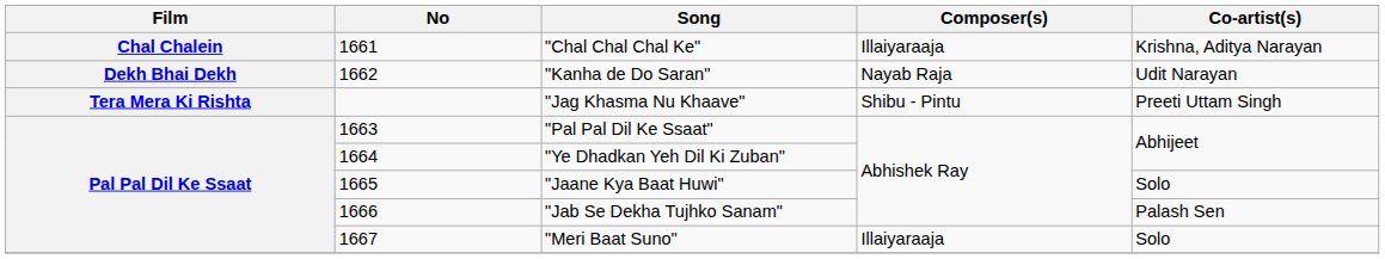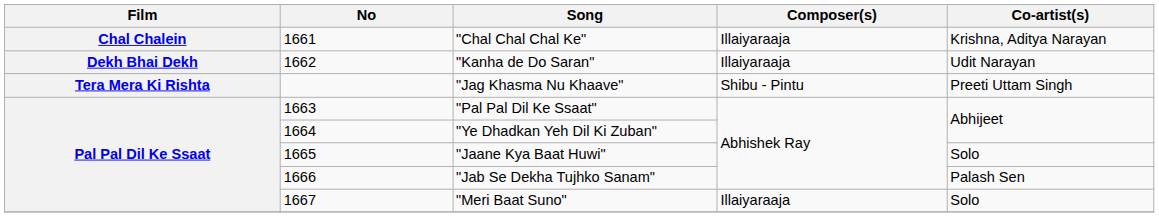 <table class="wikitable plainrowheaders" style="width:100%; textcolor:#000">
 <tr>
 <th scope="col" style="width:24%;">Film</th>
 <th>No</th>
 <th scope="col" style="width:23%;">Song</th>
 <th scope="col" style="width:20%;">Composer(s)</th>
 <th scope="col" style="width:18%;">Co-artist(s)</th>
 </tr>
 <tr>
 <th><a href='#'>Chal Chalein</a></th>
 <td>1661</td>
 <td>"Chal Chal Chal Ke"</td>
 <td>Illaiyaraaja</td>
 <td>Krishna, Aditya Narayan</td>
 </tr>
 <tr>
 <th><a href='#'>Dekh Bhai Dekh</a></th>
 <td>1662</td>
 <td>"Kanha de Do Saran"</td>
-<td>Nayab Raja</td>
+<td>Illaiyaraaja</td>
 <td>Udit Narayan</td>
 </tr>
 <tr>
 <th><a href='#'>Tera Mera Ki Rishta</a></th>
 <td></td>
 <td>"Jag Khasma Nu Khaave"</td>
 <td>Shibu - Pintu</td>
 <td>Preeti Uttam Singh</td>
 </tr>
 <tr>
 <th rowspan=5><a href='#'>Pal Pal Dil Ke Ssaat</a></th>
 <td>1663</td>
 <td>"Pal Pal Dil Ke Ssaat"</td>
 <td rowspan=4>Abhishek Ray</td>
 <td rowspan=2>Abhijeet</td>
 </tr>
 <tr>
 <td>1664</td>
 <td>"Ye Dhadkan Yeh Dil Ki Zuban"</td>
 </tr>
 <tr>
 <td>1665</td>
 <td>"Jaane Kya Baat Huwi"</td>
 <td>Solo</td>
 </tr>
 <tr>
 <td>1666</td>
 <td>"Jab Se Dekha Tujhko Sanam"</td>
 <td>Palash Sen</td>
 </tr>
 <tr>
 <td>1667</td>
 <td>"Meri Baat Suno"</td>
 <td>Illaiyaraaja</td>
 <td>Solo</td>
 </tr>
 <tr>
 </tr>
 </table>
